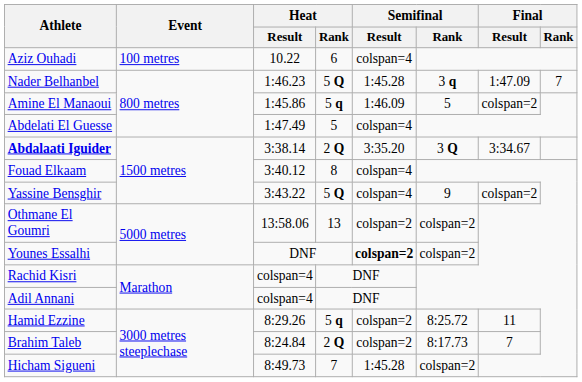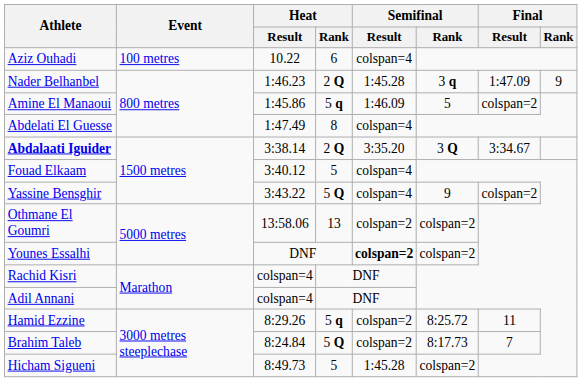 <table class="wikitable" style="font-size:90%">
 <tr>
 <th rowspan="2">Athlete</th>
 <th rowspan="2">Event</th>
 <th colspan="2">Heat</th>
 <th colspan="2">Semifinal</th>
 <th colspan="2">Final</th>
 </tr>
 <tr style="font-size:95%">
 <th>Result</th>
 <th>Rank</th>
 <th>Result</th>
 <th>Rank</th>
 <th>Result</th>
 <th>Rank</th>
 </tr>
 <tr style=text-align:center>
 <td style=text-align:left><a href='#'>Aziz Ouhadi</a></td>
 <td style=text-align:left><a href='#'>100 metres</a></td>
 <td>10.22</td>
 <td>6</td>
 <td>colspan=4 </td>
 </tr>
 <tr style=text-align:center>
 <td style=text-align:left><a href='#'>Nader Belhanbel</a></td>
 <td style=text-align:left rowspan=3><a href='#'>800 metres</a></td>
 <td>1:46.23</td>
-<td>5 <strong>Q</strong></td>
+<td>2 <strong>Q</strong></td>
 <td>1:45.28</td>
 <td>3 <strong>q</strong></td>
 <td>1:47.09</td>
-<td>7</td>
+<td>9</td>
 </tr>
 <tr style=text-align:center>
 <td style=text-align:left><a href='#'>Amine El Manaoui</a></td>
 <td>1:45.86</td>
 <td>5 <strong>q</strong></td>
 <td>1:46.09</td>
 <td>5</td>
 <td>colspan=2 </td>
 </tr>
 <tr style=text-align:center>
 <td style=text-align:left><a href='#'>Abdelati El Guesse</a></td>
 <td>1:47.49</td>
-<td>5</td>
+<td>8</td>
 <td>colspan=4 </td>
 </tr>
 <tr style=text-align:center>
 <td style=text-align:left><strong><a href='#'>Abdalaati Iguider</a></strong></td>
 <td style=text-align:left rowspan=3><a href='#'>1500 metres</a></td>
 <td>3:38.14</td>
 <td>2 <strong>Q</strong></td>
 <td>3:35.20</td>
 <td>3 <strong>Q</strong></td>
 <td>3:34.67</td>
 <td></td>
 </tr>
 <tr style=text-align:center>
 <td style=text-align:left><a href='#'>Fouad Elkaam</a></td>
 <td>3:40.12</td>
-<td>8</td>
+<td>5</td>
 <td>colspan=4 </td>
 </tr>
 <tr style=text-align:center>
 <td style=text-align:left><a href='#'>Yassine Bensghir</a></td>
 <td>3:43.22</td>
 <td>5 <strong>Q</strong></td>
 <td>colspan=4 </td>
 <td>9</td>
 <td>colspan=2 </td>
 </tr>
 <tr style=text-align:center>
 <td style=text-align:left><a href='#'>Othmane El Goumri</a></td>
 <td style=text-align:left rowspan=2><a href='#'>5000 metres</a></td>
 <td>13:58.06</td>
 <td>13</td>
 <td>colspan=2 </td>
 <td>colspan=2 </td>
 </tr>
 <tr style=text-align:center>
 <td style=text-align:left><a href='#'>Younes Essalhi</a></td>
 <td colspan=2>DNF</td>
 <td><strong>colspan=2 </strong></td>
 <td>colspan=2 </td>
 </tr>
 <tr style=text-align:center>
 <td style=text-align:left><a href='#'>Rachid Kisri</a></td>
 <td style=text-align:left rowspan=2><a href='#'>Marathon</a></td>
 <td>colspan=4 </td>
 <td colspan=2>DNF</td>
 </tr>
 <tr style=text-align:center>
 <td style=text-align:left><a href='#'>Adil Annani</a></td>
 <td>colspan=4 </td>
 <td colspan=2>DNF</td>
 </tr>
 <tr style=text-align:center>
 <td style=text-align:left><a href='#'>Hamid Ezzine</a></td>
 <td style=text-align:left rowspan=3><a href='#'>3000 metres steeplechase</a></td>
 <td>8:29.26</td>
 <td>5 <strong>q</strong></td>
 <td>colspan=2 </td>
 <td>8:25.72</td>
 <td>11</td>
 </tr>
 <tr style=text-align:center>
 <td style=text-align:left><a href='#'>Brahim Taleb</a></td>
 <td>8:24.84</td>
-<td>2 <strong>Q</strong></td>
+<td>5 <strong>Q</strong></td>
 <td>colspan=2 </td>
 <td>8:17.73</td>
 <td>7</td>
 </tr>
 <tr style=text-align:center>
 <td style=text-align:left><a href='#'>Hicham Sigueni</a></td>
 <td>8:49.73</td>
-<td>7</td>
+<td>5</td>
 <td>1:45.28</td>
 <td>colspan=2 </td>
 </tr>
 </table>
